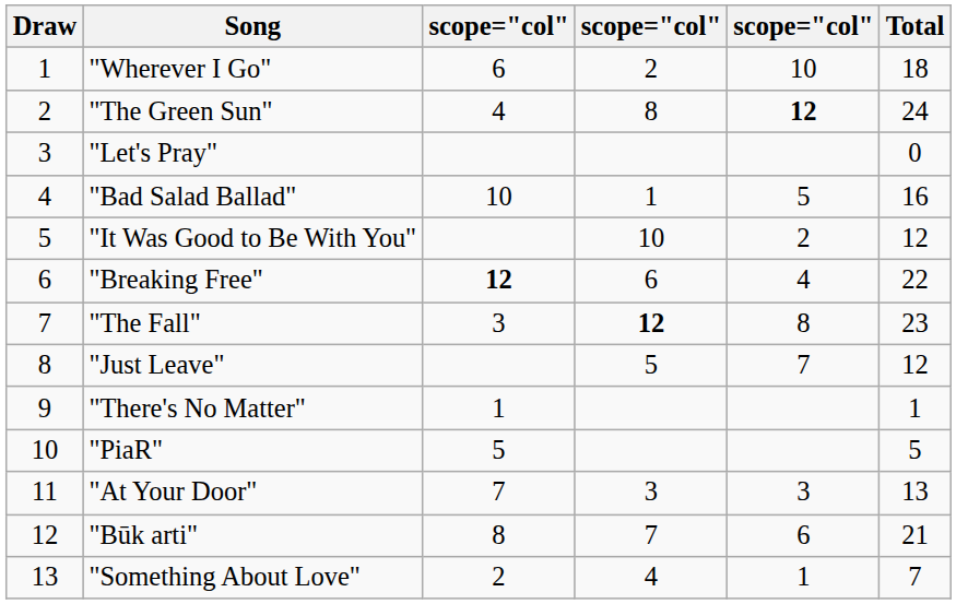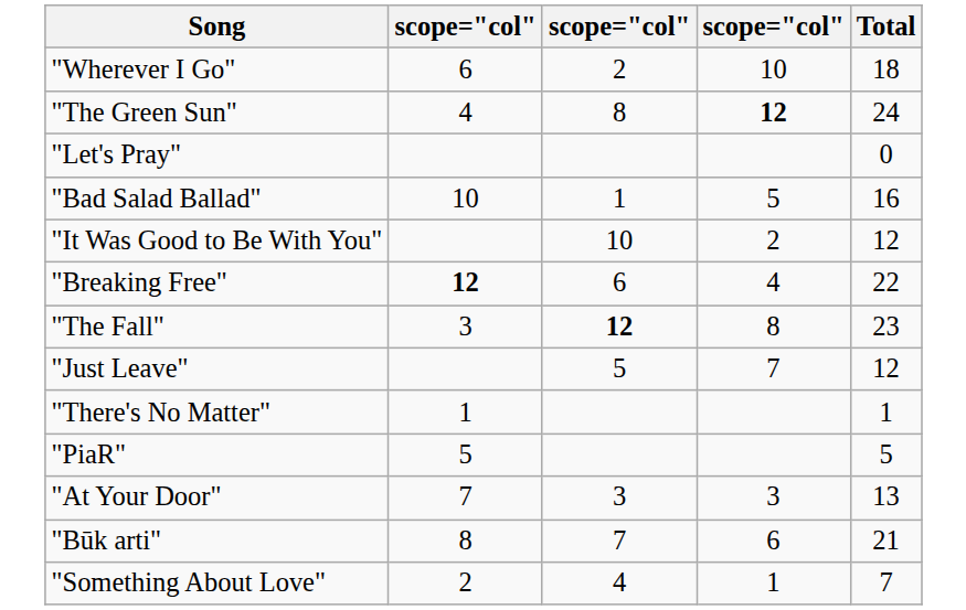 <table class="wikitable collapsible" style="margin: 1em auto 1em auto; text-align:center;">
 <tr>
-<th>Draw</th>
 <th>Song</th>
 <th>scope="col" </th>
 <th>scope="col" </th>
 <th>scope="col" </th>
 <th>Total</th>
 </tr>
 <tr>
-<td>1</td>
 <td align="left">"Wherever I Go"</td>
 <td>6</td>
 <td>2</td>
 <td>10</td>
 <td>18</td>
 </tr>
 <tr>
-<td>2</td>
 <td align="left">"The Green Sun"</td>
 <td>4</td>
 <td>8</td>
 <td><strong>12</strong></td>
 <td>24</td>
 </tr>
 <tr>
-<td>3</td>
 <td align="left">"Let's Pray"</td>
 <td></td>
 <td></td>
 <td></td>
 <td>0</td>
 </tr>
 <tr>
-<td>4</td>
 <td align="left">"Bad Salad Ballad"</td>
 <td>10</td>
 <td>1</td>
 <td>5</td>
 <td>16</td>
 </tr>
 <tr>
-<td>5</td>
 <td align="left">"It Was Good to Be With You"</td>
 <td></td>
 <td>10</td>
 <td>2</td>
 <td>12</td>
 </tr>
 <tr>
-<td>6</td>
 <td align="left">"Breaking Free"</td>
 <td><strong>12</strong></td>
 <td>6</td>
 <td>4</td>
 <td>22</td>
 </tr>
 <tr>
-<td>7</td>
 <td align="left">"The Fall"</td>
 <td>3</td>
 <td><strong>12</strong></td>
 <td>8</td>
 <td>23</td>
 </tr>
 <tr>
-<td>8</td>
 <td align="left">"Just Leave"</td>
 <td></td>
 <td>5</td>
 <td>7</td>
 <td>12</td>
 </tr>
 <tr>
-<td>9</td>
 <td align="left">"There's No Matter"</td>
 <td>1</td>
 <td></td>
 <td></td>
 <td>1</td>
 </tr>
 <tr>
-<td>10</td>
 <td align="left">"PiaR"</td>
 <td>5</td>
 <td></td>
 <td></td>
 <td>5</td>
 </tr>
 <tr>
-<td>11</td>
 <td align="left">"At Your Door"</td>
 <td>7</td>
 <td>3</td>
 <td>3</td>
 <td>13</td>
 </tr>
 <tr>
-<td>12</td>
 <td align="left">"Būk arti"</td>
 <td>8</td>
 <td>7</td>
 <td>6</td>
 <td>21</td>
 </tr>
 <tr>
-<td>13</td>
 <td align="left">"Something About Love"</td>
 <td>2</td>
 <td>4</td>
 <td>1</td>
 <td>7</td>
 </tr>
 </table>
